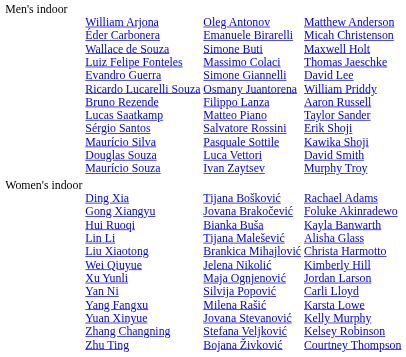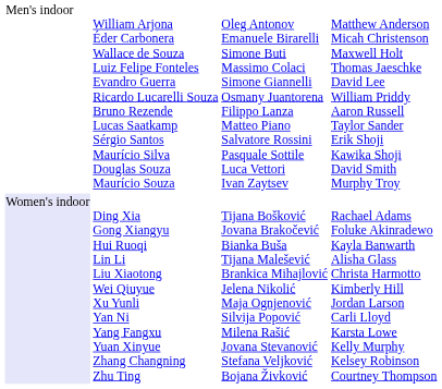 <table>
 <tr valign="top">
 <td>Men's indoor<br></td>
 <td><br><a href='#'>William Arjona</a><br><a href='#'>Éder Carbonera</a><br><a href='#'>Wallace de Souza</a><br><a href='#'>Luiz Felipe Fonteles</a><br><a href='#'>Evandro Guerra</a><br><a href='#'>Ricardo Lucarelli Souza</a><br><a href='#'>Bruno Rezende</a><br><a href='#'>Lucas Saatkamp</a><br><a href='#'>Sérgio Santos</a><br><a href='#'>Maurício Silva</a><br><a href='#'>Douglas Souza</a><br><a href='#'>Maurício Souza</a></td>
 <td><br><a href='#'>Oleg Antonov</a><br><a href='#'>Emanuele Birarelli</a><br><a href='#'>Simone Buti</a><br><a href='#'>Massimo Colaci</a><br><a href='#'>Simone Giannelli</a><br><a href='#'>Osmany Juantorena</a><br><a href='#'>Filippo Lanza</a><br><a href='#'>Matteo Piano</a><br><a href='#'>Salvatore Rossini</a><br><a href='#'>Pasquale Sottile</a><br><a href='#'>Luca Vettori</a><br><a href='#'>Ivan Zaytsev</a></td>
 <td><br><a href='#'>Matthew Anderson</a><br><a href='#'>Micah Christenson</a><br><a href='#'>Maxwell Holt</a><br><a href='#'>Thomas Jaeschke</a><br><a href='#'>David Lee</a><br><a href='#'>William Priddy</a><br><a href='#'>Aaron Russell</a><br><a href='#'>Taylor Sander</a><br><a href='#'>Erik Shoji</a><br><a href='#'>Kawika Shoji</a><br><a href='#'>David Smith</a><br><a href='#'>Murphy Troy</a></td>
 </tr>
 <tr valign="top">
-<td>Women's indoor<br></td>
+<td style="background: lavender;">Women's indoor<br></td>
 <td><br><a href='#'>Ding Xia</a><br><a href='#'>Gong Xiangyu</a><br><a href='#'>Hui Ruoqi</a><br><a href='#'>Lin Li</a><br><a href='#'>Liu Xiaotong</a><br><a href='#'>Wei Qiuyue</a><br><a href='#'>Xu Yunli</a><br><a href='#'>Yan Ni</a><br><a href='#'>Yang Fangxu</a><br><a href='#'>Yuan Xinyue</a><br><a href='#'>Zhang Changning</a><br><a href='#'>Zhu Ting</a></td>
 <td><br><a href='#'>Tijana Bošković</a><br><a href='#'>Jovana Brakočević</a><br><a href='#'>Bianka Buša</a><br><a href='#'>Tijana Malešević</a><br><a href='#'>Brankica Mihajlović</a><br><a href='#'>Jelena Nikolić</a><br><a href='#'>Maja Ognjenović</a><br><a href='#'>Silvija Popović</a><br><a href='#'>Milena Rašić</a><br><a href='#'>Jovana Stevanović</a><br><a href='#'>Stefana Veljković</a><br><a href='#'>Bojana Živković</a></td>
 <td><br><a href='#'>Rachael Adams</a><br><a href='#'>Foluke Akinradewo</a><br><a href='#'>Kayla Banwarth</a><br><a href='#'>Alisha Glass</a><br><a href='#'>Christa Harmotto</a><br><a href='#'>Kimberly Hill</a><br><a href='#'>Jordan Larson</a><br><a href='#'>Carli Lloyd</a><br><a href='#'>Karsta Lowe</a><br><a href='#'>Kelly Murphy</a><br><a href='#'>Kelsey Robinson</a><br><a href='#'>Courtney Thompson</a></td>
 </tr>
 <tr>
 </tr>
 </table>
